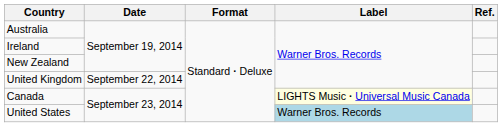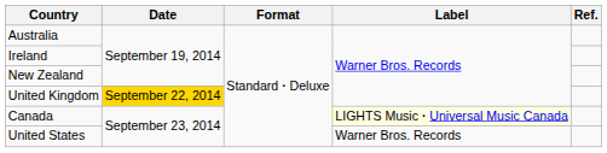 <table class="wikitable">
 <tr>
 <th>Country</th>
 <th>Date</th>
 <th>Format</th>
 <th>Label</th>
 <th>Ref.</th>
 </tr>
 <tr>
 <td>Australia</td>
 <td rowspan="3">September 19, 2014</td>
 <td rowspan="6">Standard <strong>·</strong> Deluxe</td>
 <td rowspan="4"><a href='#'>Warner Bros. Records</a></td>
 <td></td>
 </tr>
 <tr>
 <td>Ireland</td>
 <td></td>
 </tr>
 <tr>
 <td>New Zealand</td>
 <td></td>
 </tr>
 <tr>
 <td>United Kingdom</td>
-<td>September 22, 2014</td>
+<td style="background: gold;">September 22, 2014</td>
 <td></td>
 </tr>
 <tr>
 <td>Canada</td>
 <td rowspan="2">September 23, 2014</td>
 <td style="background: lightyellow;">LIGHTS Music <strong>·</strong> <a href='#'>Universal Music Canada</a></td>
 <td></td>
 </tr>
 <tr>
 <td>United States</td>
-<td style="background: lightblue;">Warner Bros. Records</td>
+<td>Warner Bros. Records</td>
 <td></td>
 </tr>
 </table>
